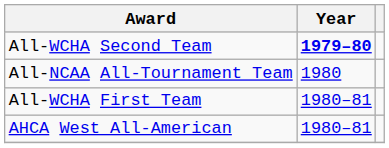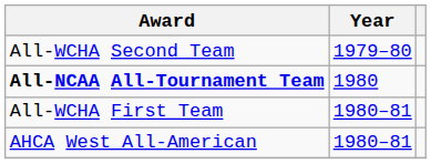 <table class="wikitable">
 <tr>
 <th>Award</th>
 <th>Year</th>
 <th></th>
 </tr>
 <tr>
 <td>All-<a href='#'>WCHA</a> <a href='#'>Second Team</a></td>
-<td><strong><a href='#'>1979–80</a></strong></td>
+<td><a href='#'>1979–80</a></td>
 <td></td>
 </tr>
 <tr>
-<td>All-<a href='#'>NCAA</a> <a href='#'>All-Tournament Team</a></td>
+<td><strong>All-<a href='#'>NCAA</a> <a href='#'>All-Tournament Team</a></strong></td>
 <td><a href='#'>1980</a></td>
 <td></td>
 </tr>
 <tr>
 <td>All-<a href='#'>WCHA</a> <a href='#'>First Team</a></td>
 <td><a href='#'>1980–81</a></td>
 <td></td>
 </tr>
 <tr>
 <td><a href='#'>AHCA</a> <a href='#'>West All-American</a></td>
 <td><a href='#'>1980–81</a></td>
 <td></td>
 </tr>
 <tr>
 </tr>
 </table>
